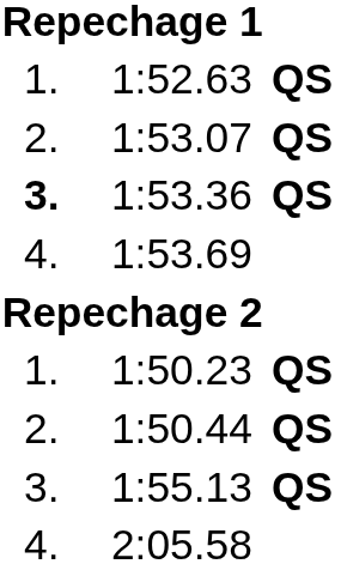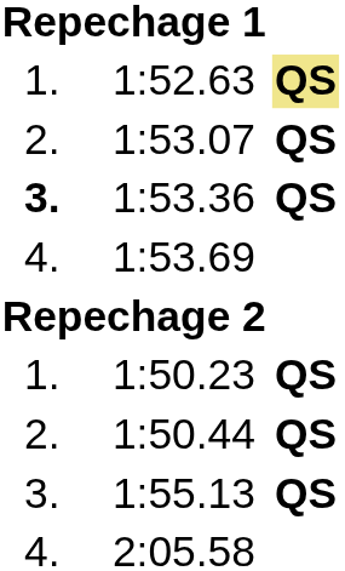 <table style="text-align:center">
 <tr>
 <td colspan=4 align=left><strong>Repechage 1</strong></td>
 </tr>
 <tr>
 <td width=30>1.</td>
 <td align=left></td>
 <td width=60>1:52.63</td>
-<td><strong>QS</strong></td>
+<td style="background: khaki;"><strong>QS</strong></td>
 </tr>
 <tr>
 <td>2.</td>
 <td align=left></td>
 <td>1:53.07</td>
 <td><strong>QS</strong></td>
 </tr>
 <tr>
 <td><strong>3.</strong></td>
 <td align=left></td>
 <td>1:53.36</td>
 <td><strong>QS</strong></td>
 </tr>
 <tr>
 <td>4.</td>
 <td align=left></td>
 <td>1:53.69</td>
 <td></td>
 </tr>
 <tr>
 <td colspan=4 align=left><strong>Repechage 2</strong></td>
 </tr>
 <tr>
 <td>1.</td>
 <td align=left></td>
 <td>1:50.23</td>
 <td><strong>QS</strong></td>
 </tr>
 <tr>
 <td>2.</td>
 <td align=left></td>
 <td>1:50.44</td>
 <td><strong>QS</strong></td>
 </tr>
 <tr>
 <td>3.</td>
 <td align=left></td>
 <td>1:55.13</td>
 <td><strong>QS</strong></td>
 </tr>
 <tr>
 <td>4.</td>
 <td align=left></td>
 <td>2:05.58</td>
 <td></td>
 </tr>
 </table>
